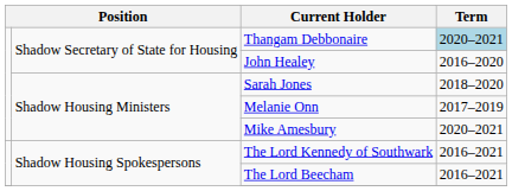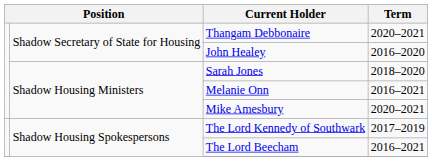 <table class="wikitable">
 <tr>
 <th colspan="2">Position</th>
 <th>Current Holder</th>
 <th>Term</th>
 </tr>
 <tr>
 <td rowspan="5" style="background: "></td>
 <td rowspan="2">Shadow Secretary of State for Housing</td>
 <td><a href='#'>Thangam Debbonaire</a> </td>
-<td style="background: lightblue;">2020–2021</td>
+<td>2020–2021</td>
 </tr>
 <tr>
 <td><a href='#'>John Healey</a> </td>
 <td>2016–2020</td>
 </tr>
 <tr>
 <td rowspan="3">Shadow Housing Ministers</td>
 <td><a href='#'>Sarah Jones</a> </td>
 <td>2018–2020</td>
 </tr>
 <tr>
 <td><a href='#'>Melanie Onn</a> </td>
-<td>2017–2019</td>
+<td>2016–2021</td>
 </tr>
 <tr>
 <td><a href='#'>Mike Amesbury</a> </td>
 <td>2020–2021</td>
 </tr>
 <tr>
 <td rowspan="2" style="background: "></td>
 <td rowspan="3">Shadow Housing Spokespersons</td>
 <td><a href='#'>The Lord Kennedy of Southwark</a></td>
-<td>2016–2021</td>
+<td>2017–2019</td>
 </tr>
 <tr>
 <td><a href='#'>The Lord Beecham</a></td>
 <td>2016–2021</td>
 </tr>
 <tr>
 </tr>
 </table>
